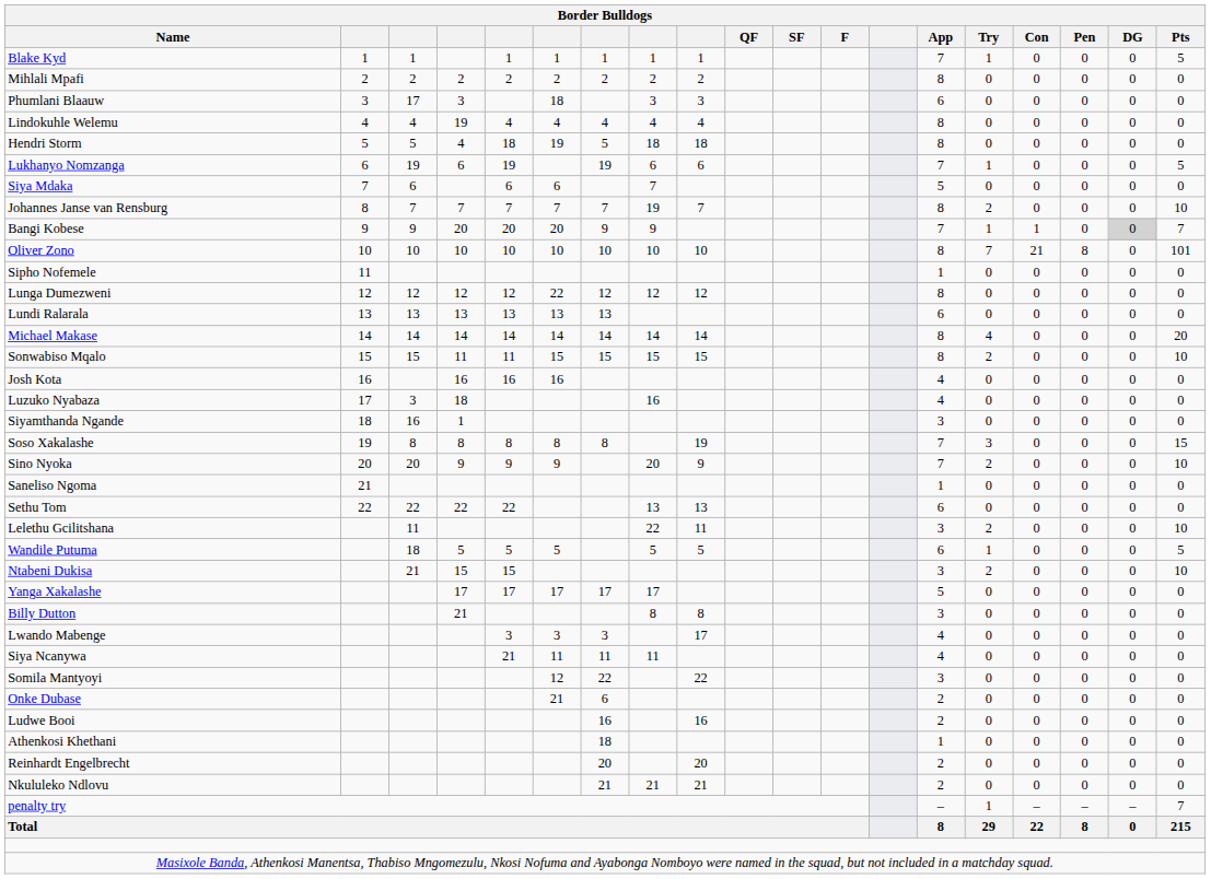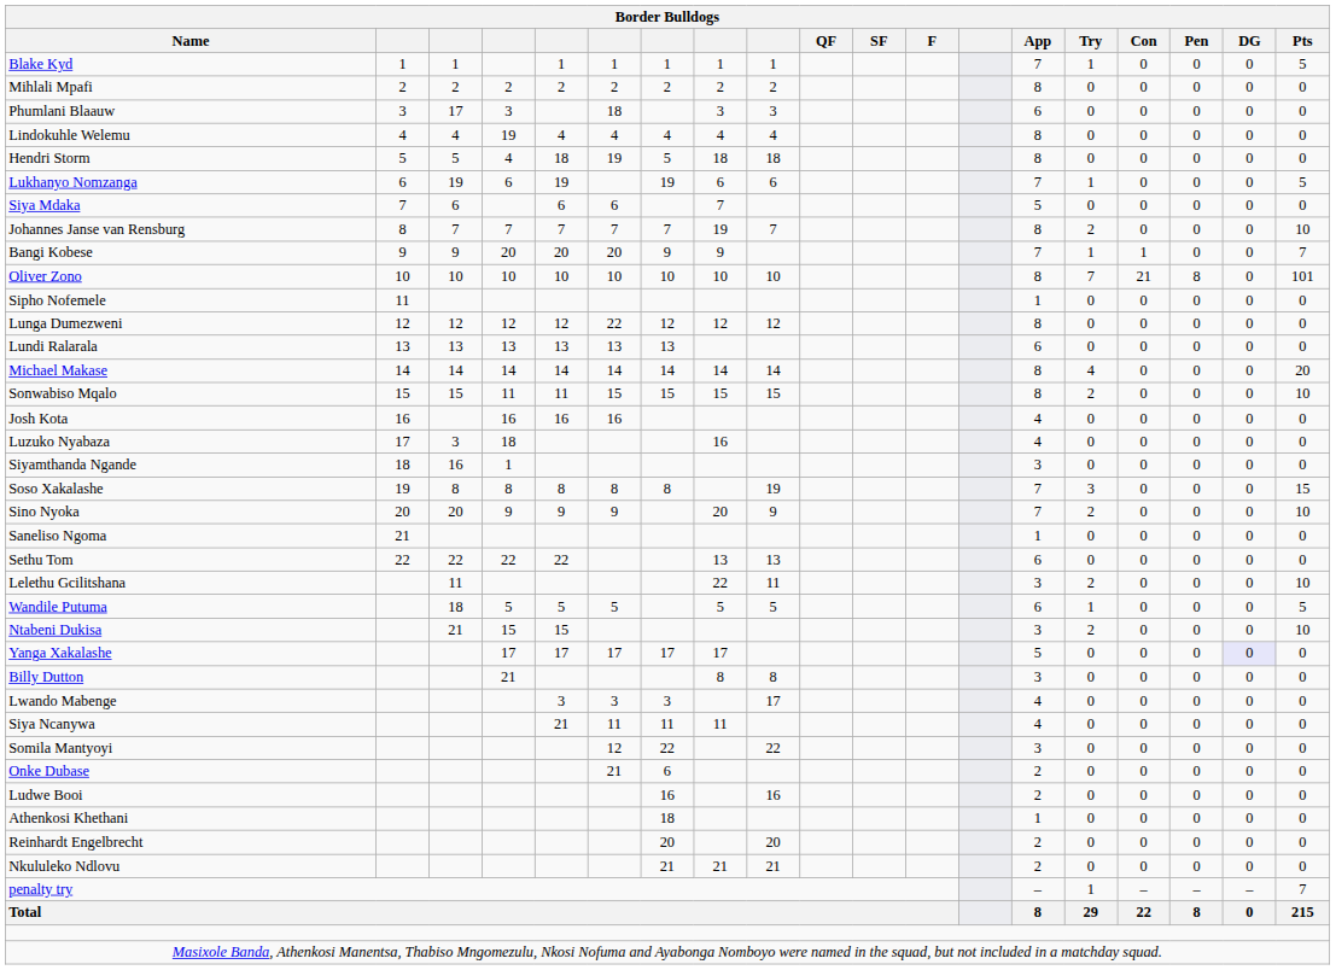 <table class="wikitable collapsible collapsed" style="text-align:center; font-size:100%; width:90%">
 <tr>
 <th colspan="100%">Border Bulldogs</th>
 </tr>
 <tr>
 <th style="width:28%;">Name</th>
 <th style="width:4%;"></th>
 <th style="width:4%;"></th>
 <th style="width:4%;"></th>
 <th style="width:4%;"></th>
 <th style="width:4%;"></th>
 <th style="width:4%;"></th>
 <th style="width:4%;"></th>
 <th style="width:4%;"></th>
 <th style="width:4%;">QF</th>
 <th style="width:4%;">SF</th>
 <th style="width:4%;">F</th>
 <th style="width:4%;"></th>
 <th style="width:4%;">App</th>
 <th style="width:4%;">Try</th>
 <th style="width:4%;">Con</th>
 <th style="width:4%;">Pen</th>
 <th style="width:4%;">DG</th>
 <th style="width:4%;">Pts</th>
 </tr>
 <tr>
 <td style="text-align:left;"><a href='#'>Blake Kyd</a></td>
 <td>1</td>
 <td>1</td>
 <td></td>
 <td>1</td>
 <td>1</td>
 <td>1</td>
 <td>1</td>
 <td>1</td>
 <td></td>
 <td></td>
 <td></td>
 <td style="background:#EBECF0;"></td>
 <td>7</td>
 <td>1</td>
 <td>0</td>
 <td>0</td>
 <td>0</td>
 <td>5</td>
 </tr>
 <tr>
 <td style="text-align:left;">Mihlali Mpafi</td>
 <td>2</td>
 <td>2</td>
 <td>2</td>
 <td>2</td>
 <td>2</td>
 <td>2</td>
 <td>2</td>
 <td>2</td>
 <td></td>
 <td></td>
 <td></td>
 <td style="background:#EBECF0;"></td>
 <td>8</td>
 <td>0</td>
 <td>0</td>
 <td>0</td>
 <td>0</td>
 <td>0</td>
 </tr>
 <tr>
 <td style="text-align:left;">Phumlani Blaauw</td>
 <td>3</td>
 <td>17 </td>
 <td>3</td>
 <td></td>
 <td>18 </td>
 <td></td>
 <td>3</td>
 <td>3</td>
 <td></td>
 <td></td>
 <td></td>
 <td style="background:#EBECF0;"></td>
 <td>6</td>
 <td>0</td>
 <td>0</td>
 <td>0</td>
 <td>0</td>
 <td>0</td>
 </tr>
 <tr>
 <td style="text-align:left;">Lindokuhle Welemu</td>
 <td>4</td>
 <td>4</td>
 <td>19 </td>
 <td>4</td>
 <td>4</td>
 <td>4</td>
 <td>4</td>
 <td>4</td>
 <td></td>
 <td></td>
 <td></td>
 <td style="background:#EBECF0;"></td>
 <td>8</td>
 <td>0</td>
 <td>0</td>
 <td>0</td>
 <td>0</td>
 <td>0</td>
 </tr>
 <tr>
 <td style="text-align:left;">Hendri Storm</td>
 <td>5</td>
 <td>5</td>
 <td>4</td>
 <td>18 </td>
 <td>19 </td>
 <td>5</td>
 <td>18 </td>
 <td>18 </td>
 <td></td>
 <td></td>
 <td></td>
 <td style="background:#EBECF0;"></td>
 <td>8</td>
 <td>0</td>
 <td>0</td>
 <td>0</td>
 <td>0</td>
 <td>0</td>
 </tr>
 <tr>
 <td style="text-align:left;"><a href='#'>Lukhanyo Nomzanga</a></td>
 <td>6</td>
 <td>19 </td>
 <td>6</td>
 <td>19 </td>
 <td></td>
 <td>19 </td>
 <td>6</td>
 <td>6</td>
 <td></td>
 <td></td>
 <td></td>
 <td style="background:#EBECF0;"></td>
 <td>7</td>
 <td>1</td>
 <td>0</td>
 <td>0</td>
 <td>0</td>
 <td>5</td>
 </tr>
 <tr>
 <td style="text-align:left;"><a href='#'>Siya Mdaka</a></td>
 <td>7</td>
 <td>6</td>
 <td></td>
 <td>6</td>
 <td>6</td>
 <td></td>
 <td>7</td>
 <td></td>
 <td></td>
 <td></td>
 <td></td>
 <td style="background:#EBECF0;"></td>
 <td>5</td>
 <td>0</td>
 <td>0</td>
 <td>0</td>
 <td>0</td>
 <td>0</td>
 </tr>
 <tr>
 <td style="text-align:left;">Johannes Janse van Rensburg</td>
 <td>8</td>
 <td>7</td>
 <td>7</td>
 <td>7</td>
 <td>7</td>
 <td>7</td>
 <td>19 </td>
 <td>7</td>
 <td></td>
 <td></td>
 <td></td>
 <td style="background:#EBECF0;"></td>
 <td>8</td>
 <td>2</td>
 <td>0</td>
 <td>0</td>
 <td>0</td>
 <td>10</td>
 </tr>
 <tr>
 <td style="text-align:left;">Bangi Kobese</td>
 <td>9</td>
 <td>9</td>
 <td>20 </td>
 <td>20 </td>
 <td>20 </td>
 <td>9</td>
 <td>9</td>
 <td></td>
 <td></td>
 <td></td>
 <td></td>
 <td style="background:#EBECF0;"></td>
 <td>7</td>
 <td>1</td>
 <td>1</td>
 <td>0</td>
-<td style="background: lightgrey;">0</td>
+<td>0</td>
 <td>7</td>
 </tr>
 <tr>
 <td style="text-align:left;"><a href='#'>Oliver Zono</a></td>
 <td>10</td>
 <td>10</td>
 <td>10</td>
 <td>10</td>
 <td>10</td>
 <td>10</td>
 <td>10</td>
 <td>10</td>
 <td></td>
 <td></td>
 <td></td>
 <td style="background:#EBECF0;"></td>
 <td>8</td>
 <td>7</td>
 <td>21</td>
 <td>8</td>
 <td>0</td>
 <td>101</td>
 </tr>
 <tr>
 <td style="text-align:left;">Sipho Nofemele</td>
 <td>11</td>
 <td></td>
 <td></td>
 <td></td>
 <td></td>
 <td></td>
 <td></td>
 <td></td>
 <td></td>
 <td></td>
 <td></td>
 <td style="background:#EBECF0;"></td>
 <td>1</td>
 <td>0</td>
 <td>0</td>
 <td>0</td>
 <td>0</td>
 <td>0</td>
 </tr>
 <tr>
 <td style="text-align:left;">Lunga Dumezweni</td>
 <td>12</td>
 <td>12</td>
 <td>12</td>
 <td>12</td>
 <td>22 </td>
 <td>12</td>
 <td>12</td>
 <td>12</td>
 <td></td>
 <td></td>
 <td></td>
 <td style="background:#EBECF0;"></td>
 <td>8</td>
 <td>0</td>
 <td>0</td>
 <td>0</td>
 <td>0</td>
 <td>0</td>
 </tr>
 <tr>
 <td style="text-align:left;">Lundi Ralarala</td>
 <td>13</td>
 <td>13</td>
 <td>13</td>
 <td>13</td>
 <td>13</td>
 <td>13</td>
 <td></td>
 <td></td>
 <td></td>
 <td></td>
 <td></td>
 <td style="background:#EBECF0;"></td>
 <td>6</td>
 <td>0</td>
 <td>0</td>
 <td>0</td>
 <td>0</td>
 <td>0</td>
 </tr>
 <tr>
 <td style="text-align:left;"><a href='#'>Michael Makase</a></td>
 <td>14</td>
 <td>14</td>
 <td>14</td>
 <td>14</td>
 <td>14</td>
 <td>14</td>
 <td>14</td>
 <td>14</td>
 <td></td>
 <td></td>
 <td></td>
 <td style="background:#EBECF0;"></td>
 <td>8</td>
 <td>4</td>
 <td>0</td>
 <td>0</td>
 <td>0</td>
 <td>20</td>
 </tr>
 <tr>
 <td style="text-align:left;">Sonwabiso Mqalo</td>
 <td>15</td>
 <td>15</td>
 <td>11</td>
 <td>11</td>
 <td>15</td>
 <td>15</td>
 <td>15</td>
 <td>15</td>
 <td></td>
 <td></td>
 <td></td>
 <td style="background:#EBECF0;"></td>
 <td>8</td>
 <td>2</td>
 <td>0</td>
 <td>0</td>
 <td>0</td>
 <td>10</td>
 </tr>
 <tr>
 <td style="text-align:left;">Josh Kota</td>
 <td>16 </td>
 <td></td>
 <td>16 </td>
 <td>16 </td>
 <td>16 </td>
 <td></td>
 <td></td>
 <td></td>
 <td></td>
 <td></td>
 <td></td>
 <td style="background:#EBECF0;"></td>
 <td>4</td>
 <td>0</td>
 <td>0</td>
 <td>0</td>
 <td>0</td>
 <td>0</td>
 </tr>
 <tr>
 <td style="text-align:left;">Luzuko Nyabaza</td>
 <td>17 </td>
 <td>3</td>
 <td>18 </td>
 <td></td>
 <td></td>
 <td></td>
 <td>16 </td>
 <td></td>
 <td></td>
 <td></td>
 <td></td>
 <td style="background:#EBECF0;"></td>
 <td>4</td>
 <td>0</td>
 <td>0</td>
 <td>0</td>
 <td>0</td>
 <td>0</td>
 </tr>
 <tr>
 <td style="text-align:left;">Siyamthanda Ngande</td>
 <td>18 </td>
 <td>16 </td>
 <td>1</td>
 <td></td>
 <td></td>
 <td></td>
 <td></td>
 <td></td>
 <td></td>
 <td></td>
 <td></td>
 <td style="background:#EBECF0;"></td>
 <td>3</td>
 <td>0</td>
 <td>0</td>
 <td>0</td>
 <td>0</td>
 <td>0</td>
 </tr>
 <tr>
 <td style="text-align:left;">Soso Xakalashe</td>
 <td>19 </td>
 <td>8</td>
 <td>8</td>
 <td>8</td>
 <td>8</td>
 <td>8</td>
 <td></td>
 <td>19 </td>
 <td></td>
 <td></td>
 <td></td>
 <td style="background:#EBECF0;"></td>
 <td>7</td>
 <td>3</td>
 <td>0</td>
 <td>0</td>
 <td>0</td>
 <td>15</td>
 </tr>
 <tr>
 <td style="text-align:left;">Sino Nyoka</td>
 <td>20 </td>
 <td>20 </td>
 <td>9</td>
 <td>9</td>
 <td>9</td>
 <td></td>
 <td>20 </td>
 <td>9</td>
 <td></td>
 <td></td>
 <td></td>
 <td style="background:#EBECF0;"></td>
 <td>7</td>
 <td>2</td>
 <td>0</td>
 <td>0</td>
 <td>0</td>
 <td>10</td>
 </tr>
 <tr>
 <td style="text-align:left;">Saneliso Ngoma</td>
 <td>21 </td>
 <td></td>
 <td></td>
 <td></td>
 <td></td>
 <td></td>
 <td></td>
 <td></td>
 <td></td>
 <td></td>
 <td></td>
 <td style="background:#EBECF0;"></td>
 <td>1</td>
 <td>0</td>
 <td>0</td>
 <td>0</td>
 <td>0</td>
 <td>0</td>
 </tr>
 <tr>
 <td style="text-align:left;">Sethu Tom</td>
 <td>22 </td>
 <td>22 </td>
 <td>22 </td>
 <td>22 </td>
 <td></td>
 <td></td>
 <td>13</td>
 <td>13</td>
 <td></td>
 <td></td>
 <td></td>
 <td style="background:#EBECF0;"></td>
 <td>6</td>
 <td>0</td>
 <td>0</td>
 <td>0</td>
 <td>0</td>
 <td>0</td>
 </tr>
 <tr>
 <td style="text-align:left;">Lelethu Gcilitshana</td>
 <td></td>
 <td>11</td>
 <td></td>
 <td></td>
 <td></td>
 <td></td>
 <td>22 </td>
 <td>11</td>
 <td></td>
 <td></td>
 <td></td>
 <td style="background:#EBECF0;"></td>
 <td>3</td>
 <td>2</td>
 <td>0</td>
 <td>0</td>
 <td>0</td>
 <td>10</td>
 </tr>
 <tr>
 <td style="text-align:left;"><a href='#'>Wandile Putuma</a></td>
 <td></td>
 <td>18 </td>
 <td>5</td>
 <td>5</td>
 <td>5</td>
 <td></td>
 <td>5</td>
 <td>5</td>
 <td></td>
 <td></td>
 <td></td>
 <td style="background:#EBECF0;"></td>
 <td>6</td>
 <td>1</td>
 <td>0</td>
 <td>0</td>
 <td>0</td>
 <td>5</td>
 </tr>
 <tr>
 <td style="text-align:left;"><a href='#'>Ntabeni Dukisa</a></td>
 <td></td>
 <td>21 </td>
 <td>15</td>
 <td>15</td>
 <td></td>
 <td></td>
 <td></td>
 <td></td>
 <td></td>
 <td></td>
 <td></td>
 <td style="background:#EBECF0;"></td>
 <td>3</td>
 <td>2</td>
 <td>0</td>
 <td>0</td>
 <td>0</td>
 <td>10</td>
 </tr>
 <tr>
 <td style="text-align:left;"><a href='#'>Yanga Xakalashe</a></td>
 <td></td>
 <td></td>
 <td>17 </td>
 <td>17 </td>
 <td>17 </td>
 <td>17 </td>
 <td>17 </td>
 <td></td>
 <td></td>
 <td></td>
 <td></td>
 <td style="background:#EBECF0;"></td>
 <td>5</td>
 <td>0</td>
 <td>0</td>
 <td>0</td>
-<td>0</td>
+<td style="background: lavender;">0</td>
 <td>0</td>
 </tr>
 <tr>
 <td style="text-align:left;"><a href='#'>Billy Dutton</a></td>
 <td></td>
 <td></td>
 <td>21 </td>
 <td></td>
 <td></td>
 <td></td>
 <td>8</td>
 <td>8</td>
 <td></td>
 <td></td>
 <td></td>
 <td style="background:#EBECF0;"></td>
 <td>3</td>
 <td>0</td>
 <td>0</td>
 <td>0</td>
 <td>0</td>
 <td>0</td>
 </tr>
 <tr>
 <td style="text-align:left;">Lwando Mabenge</td>
 <td></td>
 <td></td>
 <td></td>
 <td>3</td>
 <td>3</td>
 <td>3</td>
 <td></td>
 <td>17 </td>
 <td></td>
 <td></td>
 <td></td>
 <td style="background:#EBECF0;"></td>
 <td>4</td>
 <td>0</td>
 <td>0</td>
 <td>0</td>
 <td>0</td>
 <td>0</td>
 </tr>
 <tr>
 <td style="text-align:left;">Siya Ncanywa</td>
 <td></td>
 <td></td>
 <td></td>
 <td>21 </td>
 <td>11</td>
 <td>11</td>
 <td>11</td>
 <td></td>
 <td></td>
 <td></td>
 <td></td>
 <td style="background:#EBECF0;"></td>
 <td>4</td>
 <td>0</td>
 <td>0</td>
 <td>0</td>
 <td>0</td>
 <td>0</td>
 </tr>
 <tr>
 <td style="text-align:left;">Somila Mantyoyi</td>
 <td></td>
 <td></td>
 <td></td>
 <td></td>
 <td>12</td>
 <td>22 </td>
 <td></td>
 <td>22 </td>
 <td></td>
 <td></td>
 <td></td>
 <td style="background:#EBECF0;"></td>
 <td>3</td>
 <td>0</td>
 <td>0</td>
 <td>0</td>
 <td>0</td>
 <td>0</td>
 </tr>
 <tr>
 <td style="text-align:left;"><a href='#'>Onke Dubase</a></td>
 <td></td>
 <td></td>
 <td></td>
 <td></td>
 <td>21 </td>
 <td>6</td>
 <td></td>
 <td></td>
 <td></td>
 <td></td>
 <td></td>
 <td style="background:#EBECF0;"></td>
 <td>2</td>
 <td>0</td>
 <td>0</td>
 <td>0</td>
 <td>0</td>
 <td>0</td>
 </tr>
 <tr>
 <td style="text-align:left;">Ludwe Booi</td>
 <td></td>
 <td></td>
 <td></td>
 <td></td>
 <td></td>
 <td>16 </td>
 <td></td>
 <td>16 </td>
 <td></td>
 <td></td>
 <td></td>
 <td style="background:#EBECF0;"></td>
 <td>2</td>
 <td>0</td>
 <td>0</td>
 <td>0</td>
 <td>0</td>
 <td>0</td>
 </tr>
 <tr>
 <td style="text-align:left;">Athenkosi Khethani</td>
 <td></td>
 <td></td>
 <td></td>
 <td></td>
 <td></td>
 <td>18 </td>
 <td></td>
 <td></td>
 <td></td>
 <td></td>
 <td></td>
 <td style="background:#EBECF0;"></td>
 <td>1</td>
 <td>0</td>
 <td>0</td>
 <td>0</td>
 <td>0</td>
 <td>0</td>
 </tr>
 <tr>
 <td style="text-align:left;">Reinhardt Engelbrecht</td>
 <td></td>
 <td></td>
 <td></td>
 <td></td>
 <td></td>
 <td>20 </td>
 <td></td>
 <td>20 </td>
 <td></td>
 <td></td>
 <td></td>
 <td style="background:#EBECF0;"></td>
 <td>2</td>
 <td>0</td>
 <td>0</td>
 <td>0</td>
 <td>0</td>
 <td>0</td>
 </tr>
 <tr>
 <td style="text-align:left;">Nkululeko Ndlovu</td>
 <td></td>
 <td></td>
 <td></td>
 <td></td>
 <td></td>
 <td>21 </td>
 <td>21 </td>
 <td>21</td>
 <td></td>
 <td></td>
 <td></td>
 <td style="background:#EBECF0;"></td>
 <td>2</td>
 <td>0</td>
 <td>0</td>
 <td>0</td>
 <td>0</td>
 <td>0</td>
 </tr>
 <tr>
 <td colspan="12" style="text-align:left;"><a href='#'>penalty try</a></td>
 <td style="background:#EBECF0;"></td>
 <td>–</td>
 <td>1</td>
 <td>–</td>
 <td>–</td>
 <td>–</td>
 <td>7</td>
 </tr>
 <tr>
 <th colspan="12" style="text-align:left;">Total</th>
 <th style="background:#EBECF0;"></th>
 <th>8</th>
 <th>29</th>
 <th>22</th>
 <th>8</th>
 <th>0</th>
 <th>215</th>
 </tr>
 <tr class="sortbottom">
 <td colspan="100%" style="height: 10px;"></td>
 </tr>
 <tr class="sortbottom">
 <td colspan="100%" style="text-align:center;"><em><a href='#'>Masixole Banda</a>, Athenkosi Manentsa, Thabiso Mngomezulu, Nkosi Nofuma and Ayabonga Nomboyo were named in the squad, but not included in a matchday squad.</em></td>
 </tr>
 </table>
